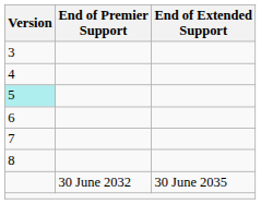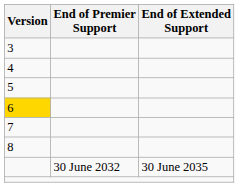 <table class="wikitable">
 <tr>
 <th>Version</th>
 <th>End of Premier<br> Support</th>
 <th>End of Extended<br>Support</th>
 </tr>
 <tr>
 <td>3</td>
 <td></td>
 <td></td>
 </tr>
 <tr>
 <td>4</td>
 <td></td>
 <td></td>
 </tr>
 <tr>
-<td style="background: paleturquoise;">5</td>
+<td>5</td>
 <td></td>
 <td></td>
 </tr>
 <tr>
-<td>6</td>
+<td style="background: gold;">6</td>
 <td></td>
 <td></td>
 </tr>
 <tr>
 <td>7</td>
 <td></td>
 <td></td>
 </tr>
 <tr>
 <td>8</td>
 <td></td>
 <td></td>
 </tr>
 <tr>
 <td></td>
 <td>30 June 2032</td>
 <td>30 June 2035</td>
 </tr>
 <tr>
 <td colspan="7"><small></small></td>
 </tr>
 </table>
